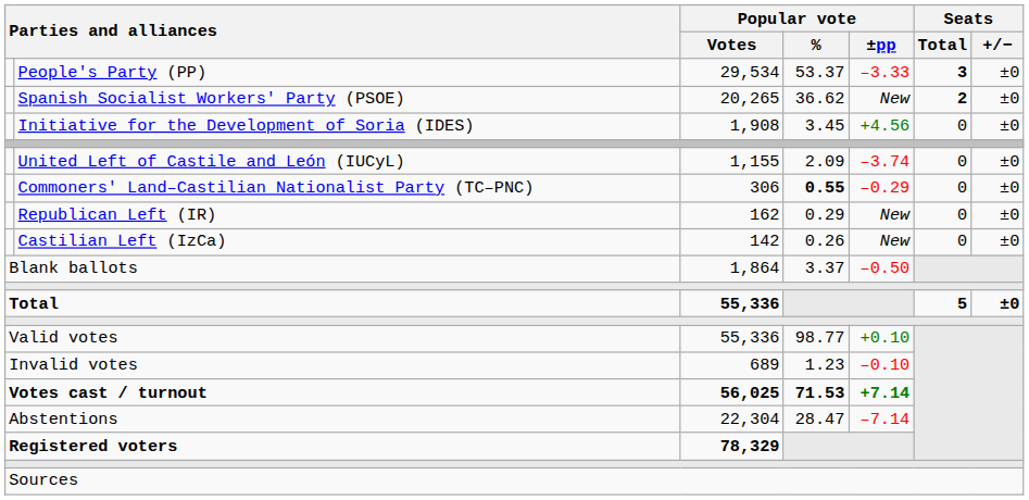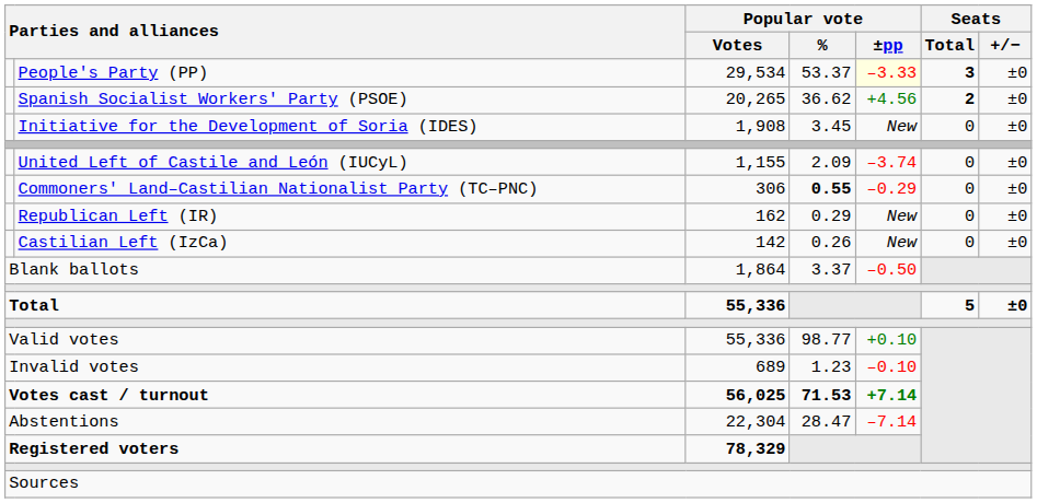 <table class="wikitable" style="text-align:right;">
 <tr>
 <th style="text-align:left;" rowspan="2" colspan="2" width="525">Parties and alliances</th>
 <th colspan="3">Popular vote</th>
 <th colspan="2">Seats</th>
 </tr>
 <tr>
 <th width="75">Votes</th>
 <th width="45">%</th>
 <th width="45">±<a href='#'>pp</a></th>
 <th width="35">Total</th>
 <th width="35">+/−</th>
 </tr>
 <tr>
 <td width="1" style="color:inherit;background:"></td>
 <td align="left"><a href='#'>People's Party</a> (PP)</td>
 <td>29,534</td>
 <td>53.37</td>
-<td style="color:red;">–3.33</td>
+<td style="background: lightyellow; color:red;">–3.33</td>
 <td><strong>3</strong></td>
 <td>±0</td>
 </tr>
 <tr>
 <td style="color:inherit;background:"></td>
 <td align="left"><a href='#'>Spanish Socialist Workers' Party</a> (PSOE)</td>
 <td>20,265</td>
 <td>36.62</td>
-<td><em>New</em></td>
+<td style="color:green;">+4.56</td>
 <td><strong>2</strong></td>
 <td>±0</td>
 </tr>
 <tr>
 <td style="color:inherit;background:"></td>
 <td align="left"><a href='#'>Initiative for the Development of Soria</a> (IDES)</td>
 <td>1,908</td>
 <td>3.45</td>
-<td style="color:green;">+4.56</td>
+<td><em>New</em></td>
 <td>0</td>
 <td>±0</td>
 </tr>
 <tr>
 <td colspan="7" bgcolor="#C0C0C0"></td>
 </tr>
 <tr>
 <td style="color:inherit;background:"></td>
 <td align="left"><a href='#'>United Left of Castile and León</a> (IUCyL)</td>
 <td>1,155</td>
 <td>2.09</td>
 <td style="color:red;">–3.74</td>
 <td>0</td>
 <td>±0</td>
 </tr>
 <tr>
 <td style="color:inherit;background:"></td>
 <td align="left"><a href='#'>Commoners' Land–Castilian Nationalist Party</a> (TC–PNC)</td>
 <td>306</td>
 <td><strong>0.55</strong></td>
 <td style="color:red;">–0.29</td>
 <td>0</td>
 <td>±0</td>
 </tr>
 <tr>
 <td style="color:inherit;background:"></td>
 <td align="left"><a href='#'>Republican Left</a> (IR)</td>
 <td>162</td>
 <td>0.29</td>
 <td><em>New</em></td>
 <td>0</td>
 <td>±0</td>
 </tr>
 <tr>
 <td style="color:inherit;background:"></td>
 <td align="left"><a href='#'>Castilian Left</a> (IzCa)</td>
 <td>142</td>
 <td>0.26</td>
 <td><em>New</em></td>
 <td>0</td>
 <td>±0</td>
 </tr>
 <tr>
 <td align="left" colspan="2">Blank ballots</td>
 <td>1,864</td>
 <td>3.37</td>
 <td style="color:red;">–0.50</td>
 <td bgcolor="#E9E9E9" colspan="2"></td>
 </tr>
 <tr>
 <td colspan="7" bgcolor="#E9E9E9"></td>
 </tr>
 <tr style="font-weight:bold;">
 <td align="left" colspan="2">Total</td>
 <td>55,336</td>
 <td bgcolor="#E9E9E9" colspan="2"></td>
 <td>5</td>
 <td>±0</td>
 </tr>
 <tr>
 <td colspan="7" bgcolor="#E9E9E9"></td>
 </tr>
 <tr>
 <td align="left" colspan="2">Valid votes</td>
 <td>55,336</td>
 <td>98.77</td>
 <td style="color:green;">+0.10</td>
 <td bgcolor="#E9E9E9" colspan="2" rowspan="5"></td>
 </tr>
 <tr>
 <td align="left" colspan="2">Invalid votes</td>
 <td>689</td>
 <td>1.23</td>
 <td style="color:red;">–0.10</td>
 </tr>
 <tr style="font-weight:bold;">
 <td align="left" colspan="2">Votes cast / turnout</td>
 <td>56,025</td>
 <td>71.53</td>
 <td style="color:green;">+7.14</td>
 </tr>
 <tr>
 <td align="left" colspan="2">Abstentions</td>
 <td>22,304</td>
 <td>28.47</td>
 <td style="color:red;">–7.14</td>
 </tr>
 <tr style="font-weight:bold;">
 <td align="left" colspan="2">Registered voters</td>
 <td>78,329</td>
 <td bgcolor="#E9E9E9" colspan="2"></td>
 </tr>
 <tr>
 <td colspan="7" bgcolor="#E9E9E9"></td>
 </tr>
 <tr>
 <td align="left" colspan="7">Sources</td>
 </tr>
 </table>
